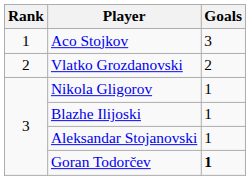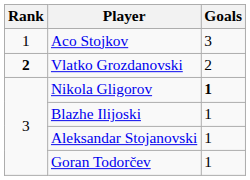 <table class="wikitable">
 <tr>
 <th>Rank</th>
 <th>Player</th>
 <th>Goals</th>
 </tr>
 <tr>
 <td align=center>1</td>
 <td><a href='#'>Aco Stojkov</a></td>
 <td>3</td>
 </tr>
 <tr>
-<td align=center>2</td>
+<td align=center><strong>2</strong></td>
 <td><a href='#'>Vlatko Grozdanovski</a></td>
 <td>2</td>
 </tr>
 <tr>
 <td align=center rowspan=4>3</td>
 <td><a href='#'>Nikola Gligorov</a></td>
-<td>1</td>
+<td><strong>1</strong></td>
 </tr>
 <tr>
 <td><a href='#'>Blazhe Ilijoski</a></td>
 <td>1</td>
 </tr>
 <tr>
 <td><a href='#'>Aleksandar Stojanovski</a></td>
 <td>1</td>
 </tr>
 <tr>
 <td><a href='#'>Goran Todorčev</a></td>
-<td><strong>1</strong></td>
+<td>1</td>
 </tr>
 </table>
